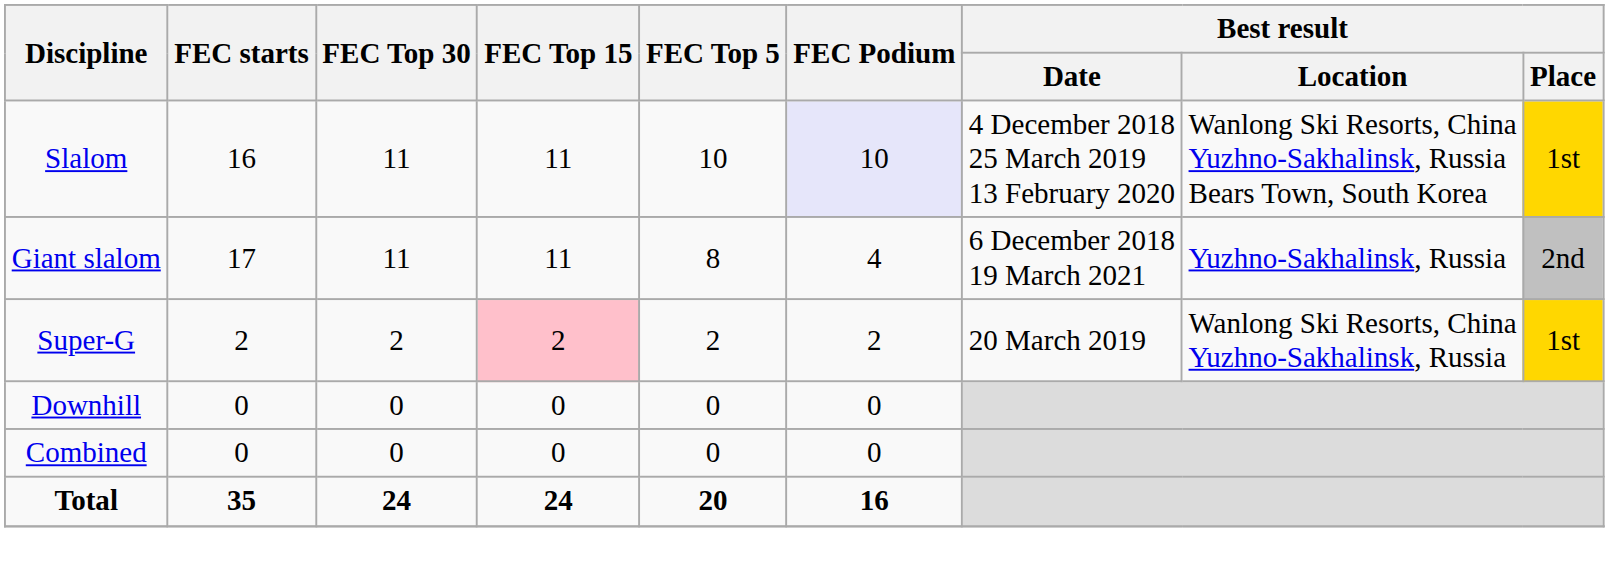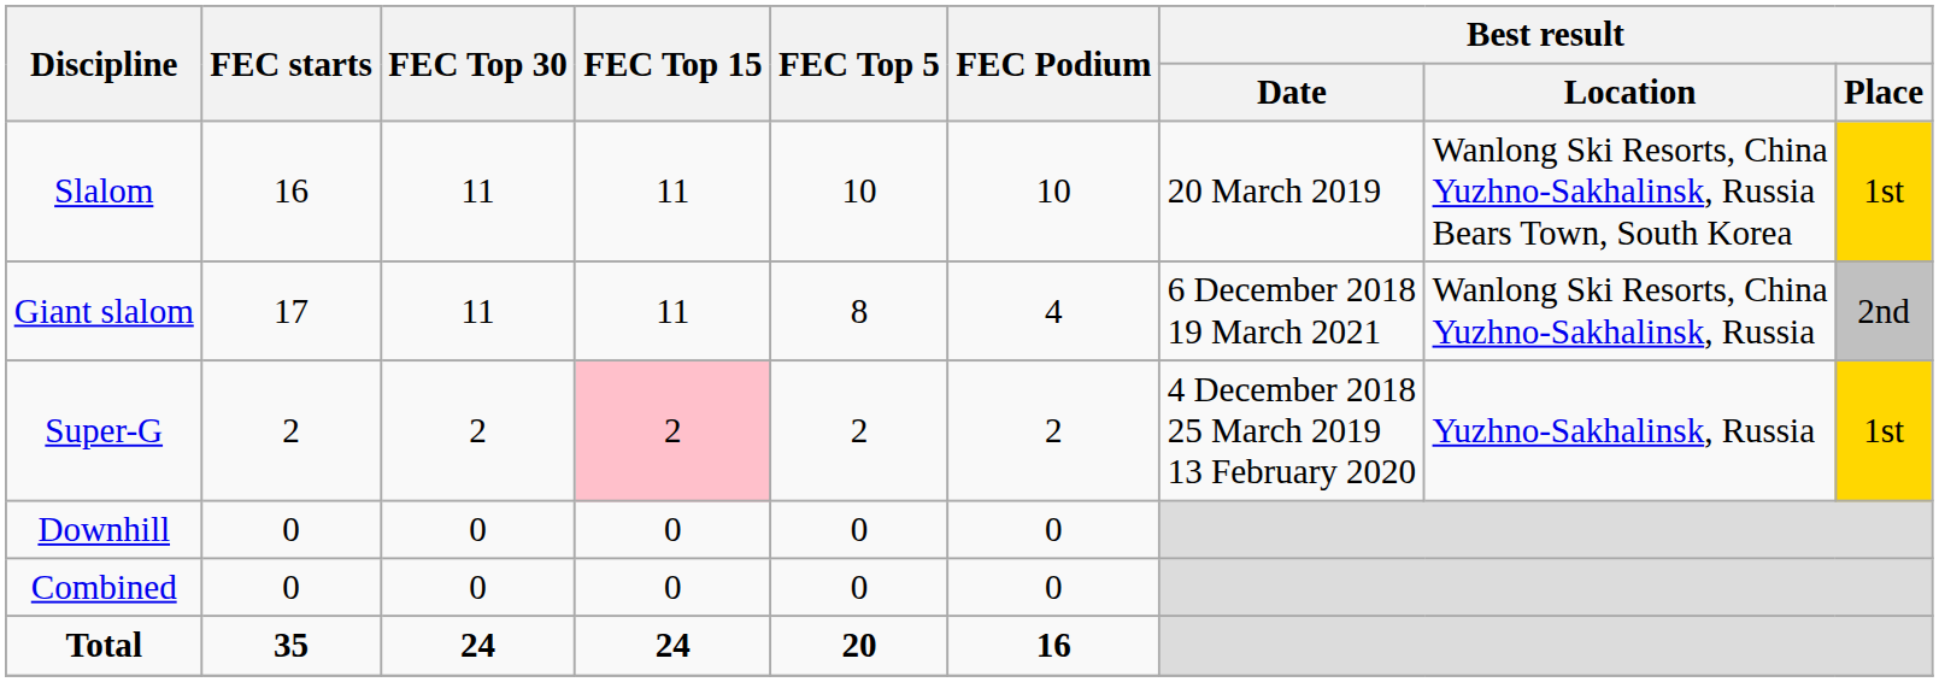 <table class="wikitable" style="text-align:center; font-size:95%;">
 <tr>
 <th rowspan=2>Discipline</th>
 <th rowspan=2>FEC starts</th>
 <th rowspan=2>FEC Top 30</th>
 <th rowspan=2>FEC Top 15</th>
 <th rowspan=2>FEC Top 5</th>
 <th rowspan=2>FEC Podium</th>
 <th colspan=3>Best result</th>
 </tr>
 <tr>
 <th>Date</th>
 <th>Location</th>
 <th>Place</th>
 </tr>
 <tr>
 <td align=center><a href='#'>Slalom</a></td>
 <td align=center>16</td>
 <td align=center>11</td>
 <td align=center>11</td>
 <td align=center>10</td>
-<td align=center style="background: lavender;">10</td>
-<td align=left>4 December 2018 <br> 25 March 2019 <br> 13 February 2020</td>
+<td align=center>10</td>
+<td align=left>20 March 2019</td>
 <td align=left> Wanlong Ski Resorts, China <br>  <a href='#'>Yuzhno-Sakhalinsk</a>, Russia <br>  Bears Town, South Korea</td>
 <td bgcolor="gold">1st</td>
 </tr>
 <tr>
 <td align=center><a href='#'>Giant slalom</a></td>
 <td align=center>17</td>
 <td align=center>11</td>
 <td align=center>11</td>
 <td align=center>8</td>
 <td align=center>4</td>
 <td align=left>6 December 2018 <br> 19 March 2021</td>
-<td align=left> <a href='#'>Yuzhno-Sakhalinsk</a>, Russia</td>
+<td align=left> Wanlong Ski Resorts, China <br>  <a href='#'>Yuzhno-Sakhalinsk</a>, Russia</td>
 <td bgcolor="silver">2nd</td>
 </tr>
 <tr>
 <td align=center><a href='#'>Super-G</a></td>
 <td align=center>2</td>
 <td align=center>2</td>
 <td align=center style="background: pink;">2</td>
 <td align=center>2</td>
 <td align=center>2</td>
-<td align=left>20 March 2019</td>
-<td align=left> Wanlong Ski Resorts, China <br>  <a href='#'>Yuzhno-Sakhalinsk</a>, Russia</td>
+<td align=left>4 December 2018 <br> 25 March 2019 <br> 13 February 2020</td>
+<td align=left> <a href='#'>Yuzhno-Sakhalinsk</a>, Russia</td>
 <td bgcolor="gold">1st</td>
 </tr>
 <tr>
 <td align=center><a href='#'>Downhill</a></td>
 <td align=center>0</td>
 <td align=center>0</td>
 <td align=center>0</td>
 <td align=center>0</td>
 <td align=center>0</td>
 <td colspan=3 bgcolor=#DCDCDC></td>
 </tr>
 <tr>
 <td align=center><a href='#'>Combined</a></td>
 <td align=center>0</td>
 <td align=center>0</td>
 <td align=center>0</td>
 <td align=center>0</td>
 <td align=center>0</td>
 <td colspan=3 bgcolor=#DCDCDC></td>
 </tr>
 <tr>
 <td align=center><strong>Total</strong></td>
 <td align=center><strong>35</strong></td>
 <td align=center><strong>24</strong></td>
 <td align=center><strong>24</strong></td>
 <td align=center><strong>20</strong></td>
 <td align=center><strong>16</strong></td>
 <td colspan=3 bgcolor=#DCDCDC></td>
 </tr>
 <tr>
 </tr>
 </table>
